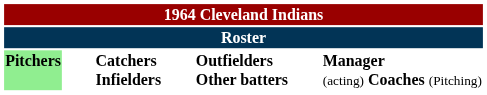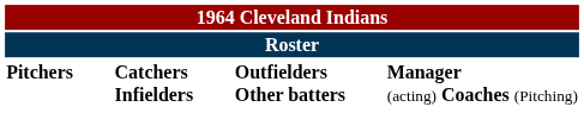 <table class="toccolours" style="font-size: 95%;">
 <tr>
 <th colspan="10" style="background-color: #990000; color: white; text-align: center;">1964 Cleveland Indians</th>
 </tr>
 <tr>
 <td colspan="10" style="background-color: #023456; color: white; text-align: center;"><strong>Roster</strong></td>
 </tr>
 <tr>
-<td valign="top" style="background: lightgreen;"><strong>Pitchers</strong><br>              </td>
+<td valign="top"><strong>Pitchers</strong><br>              </td>
 <td width="25px"></td>
 <td valign="top"><strong>Catchers</strong><br>   <strong>Infielders</strong>         </td>
 <td width="25px"></td>
 <td valign="top"><strong>Outfielders</strong><br>         <strong>Other batters</strong>  </td>
 <td width="25px"></td>
 <td valign="top"><strong>Manager</strong><br> <small>(acting)</small>  <strong>Coaches</strong>     <small>(Pitching)</small></td>
 </tr>
 </table>
